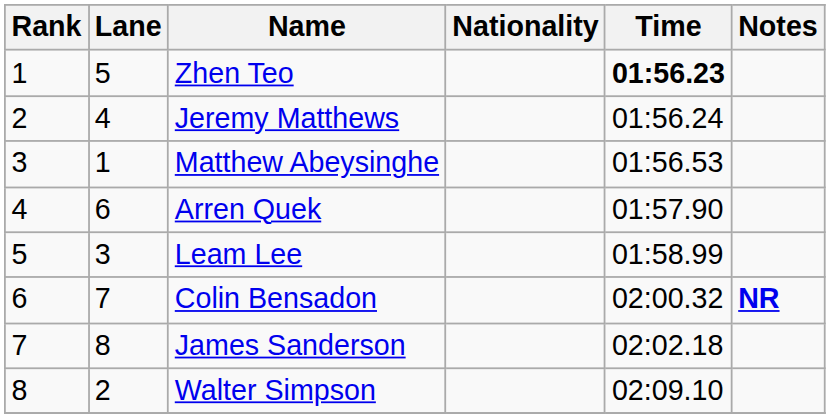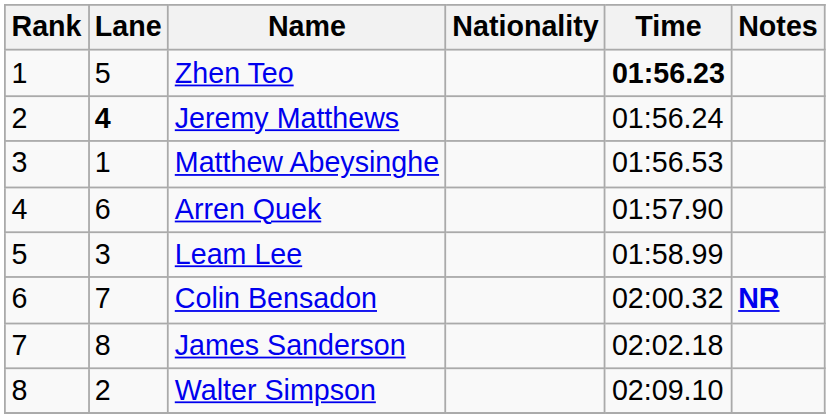 <table class="wikitable">
 <tr>
 <th>Rank</th>
 <th>Lane</th>
 <th>Name</th>
 <th>Nationality</th>
 <th>Time</th>
 <th>Notes</th>
 </tr>
 <tr>
 <td>1</td>
 <td>5</td>
 <td><a href='#'>Zhen Teo</a></td>
 <td></td>
 <td><strong>01:56.23</strong></td>
 <td></td>
 </tr>
 <tr>
 <td>2</td>
-<td>4</td>
+<td><strong>4</strong></td>
 <td><a href='#'>Jeremy Matthews</a></td>
 <td></td>
 <td>01:56.24</td>
 <td></td>
 </tr>
 <tr>
 <td>3</td>
 <td>1</td>
 <td><a href='#'>Matthew Abeysinghe</a></td>
 <td></td>
 <td>01:56.53</td>
 <td></td>
 </tr>
 <tr>
 <td>4</td>
 <td>6</td>
 <td><a href='#'>Arren Quek</a></td>
 <td></td>
 <td>01:57.90</td>
 <td></td>
 </tr>
 <tr>
 <td>5</td>
 <td>3</td>
 <td><a href='#'>Leam Lee</a></td>
 <td></td>
 <td>01:58.99</td>
 <td></td>
 </tr>
 <tr>
 <td>6</td>
 <td>7</td>
 <td><a href='#'>Colin Bensadon</a></td>
 <td></td>
 <td>02:00.32</td>
 <td><strong><a href='#'>NR</a></strong></td>
 </tr>
 <tr>
 <td>7</td>
 <td>8</td>
 <td><a href='#'>James Sanderson</a></td>
 <td></td>
 <td>02:02.18</td>
 <td></td>
 </tr>
 <tr>
 <td>8</td>
 <td>2</td>
 <td><a href='#'>Walter Simpson</a></td>
 <td></td>
 <td>02:09.10</td>
 <td></td>
 </tr>
 <tr>
 </tr>
 </table>
